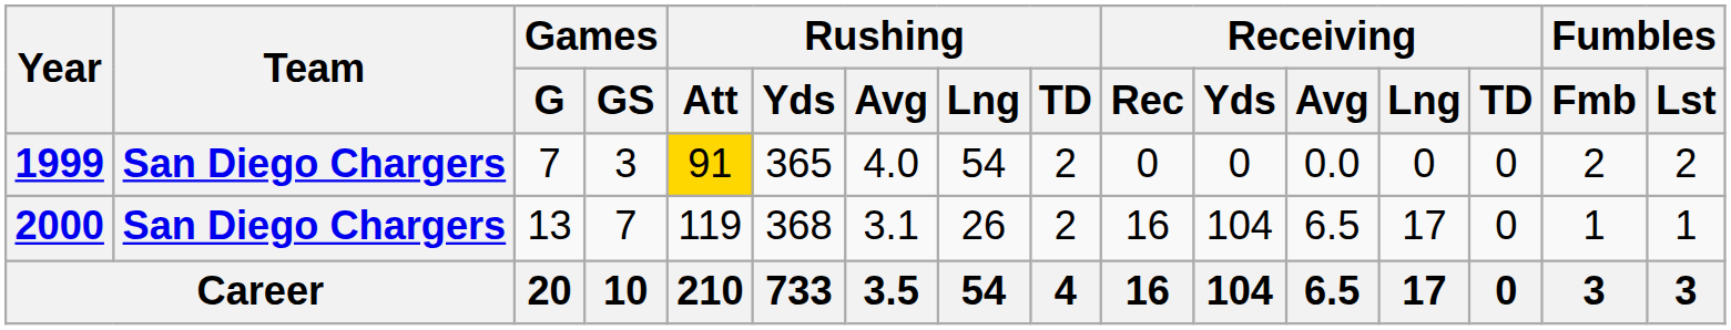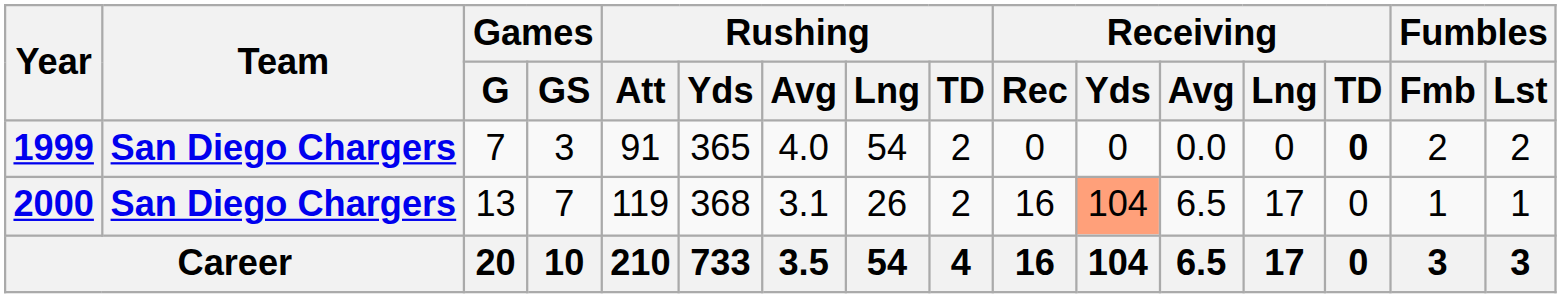 <table class="wikitable" style="text-align: center;">
 <tr>
 <th rowspan="2">Year</th>
 <th rowspan="2">Team</th>
 <th colspan="2">Games</th>
 <th colspan="5">Rushing</th>
 <th colspan="5">Receiving</th>
 <th colspan="5">Fumbles</th>
 </tr>
 <tr>
 <th>G</th>
 <th>GS</th>
 <th>Att</th>
 <th>Yds</th>
 <th>Avg</th>
 <th>Lng</th>
 <th>TD</th>
 <th>Rec</th>
 <th>Yds</th>
 <th>Avg</th>
 <th>Lng</th>
 <th>TD</th>
 <th>Fmb</th>
 <th>Lst</th>
 </tr>
 <tr>
 <th><a href='#'>1999</a></th>
 <th><a href='#'>San Diego Chargers</a></th>
 <td>7</td>
 <td>3</td>
-<td style="background: gold;">91</td>
+<td>91</td>
 <td>365</td>
 <td>4.0</td>
 <td>54</td>
 <td>2</td>
 <td>0</td>
 <td>0</td>
 <td>0.0</td>
 <td>0</td>
-<td>0</td>
+<td><strong>0</strong></td>
 <td>2</td>
 <td>2</td>
 </tr>
 <tr>
 <th><a href='#'>2000</a></th>
 <th><a href='#'>San Diego Chargers</a></th>
 <td>13</td>
 <td>7</td>
 <td>119</td>
 <td>368</td>
 <td>3.1</td>
 <td>26</td>
 <td>2</td>
 <td>16</td>
-<td>104</td>
+<td style="background: lightsalmon;">104</td>
 <td>6.5</td>
 <td>17</td>
 <td>0</td>
 <td>1</td>
 <td>1</td>
 </tr>
 <tr>
 <th colspan="2">Career</th>
 <th>20</th>
 <th>10</th>
 <th>210</th>
 <th>733</th>
 <th>3.5</th>
 <th>54</th>
 <th>4</th>
 <th>16</th>
 <th>104</th>
 <th>6.5</th>
 <th>17</th>
 <th>0</th>
 <th>3</th>
 <th>3</th>
 </tr>
 </table>
